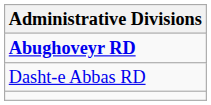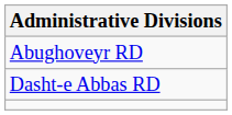 <table class="wikitable">
 <tr>
 <th>Administrative Divisions</th>
 </tr>
 <tr>
-<td><strong><a href='#'>Abughoveyr RD</a></strong></td>
+<td><a href='#'>Abughoveyr RD</a></td>
 </tr>
 <tr>
 <td><a href='#'>Dasht-e Abbas RD</a></td>
 </tr>
 <tr>
 <td colspan=1></td>
 </tr>
 </table>
